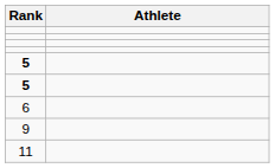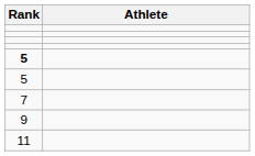 <table class="wikitable" style="text-align: center;">
 <tr>
 <th width=40>Rank</th>
 <th width=250>Athlete</th>
 </tr>
 <tr>
 <td></td>
 <td align=left></td>
 </tr>
 <tr>
 <td></td>
 <td align=left></td>
 </tr>
 <tr>
 <td></td>
 <td align=left></td>
 </tr>
 <tr>
 <td></td>
 <td align=left></td>
 </tr>
 <tr>
 <td><strong>5</strong></td>
 <td align=left></td>
 </tr>
 <tr>
-<td><strong>5</strong></td>
+<td>5</td>
 <td align=left></td>
 </tr>
 <tr>
-<td>6</td>
+<td>7</td>
 <td align=left></td>
 </tr>
 <tr>
 <td>9</td>
 <td align=left></td>
 </tr>
 <tr>
 <td>11</td>
 <td align=left></td>
 </tr>
 </table>
